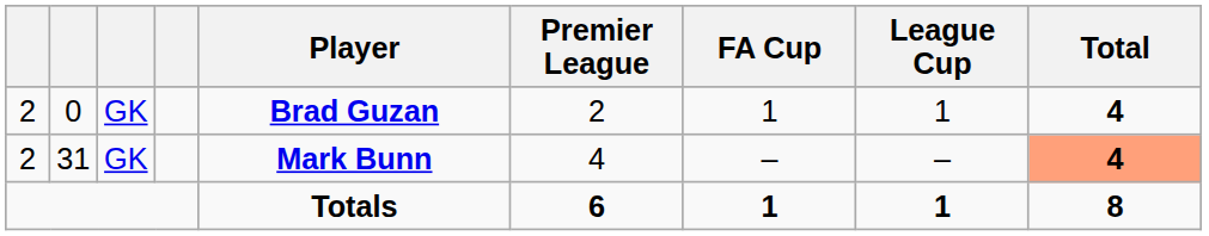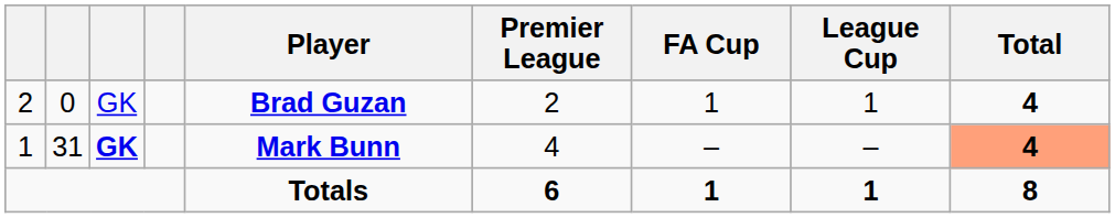 <table class="wikitable" style="font-size: 95%; text-align: center;">
 <tr>
 <th width=15></th>
 <th width=15></th>
 <th width=15></th>
 <th width=15></th>
 <th width=150>Player</th>
 <th width=80>Premier League</th>
 <th width=80>FA Cup</th>
 <th width=80>League Cup</th>
 <th width=80>Total</th>
 </tr>
 <tr>
 <td>2</td>
 <td>0</td>
 <td><a href='#'>GK</a></td>
 <td></td>
 <td><strong><a href='#'>Brad Guzan</a></strong></td>
 <td>2</td>
 <td>1</td>
 <td>1</td>
 <td><strong>4</strong></td>
 </tr>
 <tr>
-<td>2</td>
+<td>1</td>
 <td>31</td>
-<td><a href='#'>GK</a></td>
+<td><strong><a href='#'>GK</a></strong></td>
 <td></td>
 <td><strong><a href='#'>Mark Bunn</a></strong></td>
 <td>4</td>
 <td>–</td>
 <td>–</td>
 <td style="background: lightsalmon;"><strong>4</strong></td>
 </tr>
 <tr>
 <td colspan="4"></td>
 <td><strong>Totals</strong></td>
 <td><strong>6</strong></td>
 <td><strong>1</strong></td>
 <td><strong>1</strong></td>
 <td><strong>8</strong></td>
 </tr>
 </table>
